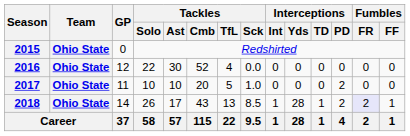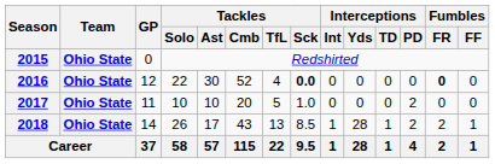 <table class="wikitable" style="text-align: center;">
 <tr>
 <th rowspan="2">Season</th>
 <th rowspan="2">Team</th>
 <th rowspan="2">GP</th>
 <th colspan="5">Tackles</th>
 <th colspan="4">Interceptions</th>
 <th colspan="2">Fumbles</th>
 </tr>
 <tr>
 <th>Solo</th>
 <th>Ast</th>
 <th>Cmb</th>
 <th>TfL</th>
 <th>Sck</th>
 <th>Int</th>
 <th>Yds</th>
 <th>TD</th>
 <th>PD</th>
 <th>FR</th>
 <th>FF</th>
 </tr>
 <tr>
 <th><a href='#'>2015</a></th>
 <th><a href='#'>Ohio State</a></th>
 <td>0</td>
 <td colspan="11"><em><a href='#'>Redshirted</a></em></td>
 </tr>
 <tr>
 <th><a href='#'>2016</a></th>
 <th><a href='#'>Ohio State</a></th>
 <td>12</td>
 <td>22</td>
 <td>30</td>
 <td>52</td>
 <td>4</td>
-<td>0.0</td>
+<td><strong>0.0</strong></td>
 <td>0</td>
 <td>0</td>
 <td>0</td>
 <td>0</td>
-<td>0</td>
+<td><strong>0</strong></td>
 <td>0</td>
 </tr>
 <tr>
 <th><a href='#'>2017</a></th>
 <th><a href='#'>Ohio State</a></th>
 <td>11</td>
 <td>10</td>
 <td>10</td>
 <td>20</td>
 <td>5</td>
 <td>1.0</td>
 <td>0</td>
 <td>0</td>
 <td>0</td>
 <td>2</td>
 <td>0</td>
 <td>0</td>
 </tr>
 <tr>
 <th><a href='#'>2018</a></th>
 <th><a href='#'>Ohio State</a></th>
 <td>14</td>
 <td>26</td>
 <td>17</td>
 <td>43</td>
 <td>13</td>
 <td>8.5</td>
 <td>1</td>
 <td>28</td>
 <td>1</td>
 <td>2</td>
-<td style="background: lavender;">2</td>
+<td>2</td>
 <td>1</td>
 </tr>
 <tr>
 <th colspan="2">Career</th>
 <th>37</th>
 <th>58</th>
 <th>57</th>
 <th>115</th>
 <th>22</th>
 <th>9.5</th>
 <th>1</th>
 <th>28</th>
 <th>1</th>
 <th>4</th>
 <th>2</th>
 <th>1</th>
 </tr>
 </table>
